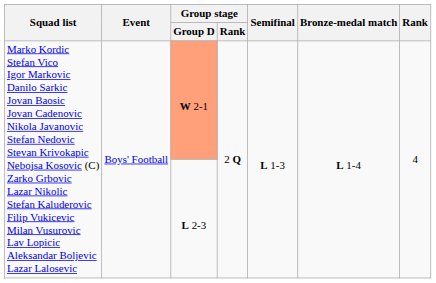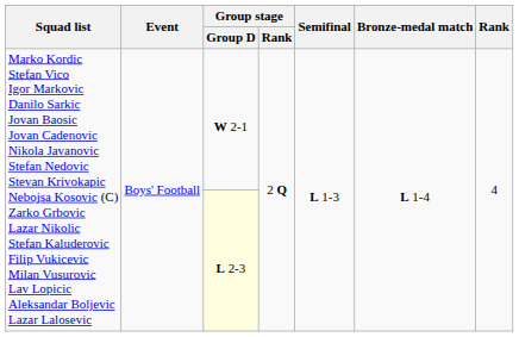 <table class=wikitable style="font-size:90%">
 <tr>
 <th rowspan=2>Squad list</th>
 <th rowspan=2>Event</th>
 <th colspan=2>Group stage</th>
 <th rowspan=2>Semifinal</th>
 <th rowspan=2>Bronze-medal match</th>
 <th rowspan=2>Rank</th>
 </tr>
 <tr>
 <th>Group D</th>
 <th>Rank</th>
 </tr>
 <tr>
 <td rowspan=2><a href='#'>Marko Kordic</a><br><a href='#'>Stefan Vico</a><br><a href='#'>Igor Markovic</a><br><a href='#'>Danilo Sarkic</a><br><a href='#'>Jovan Baosic</a><br><a href='#'>Jovan Cadenovic</a><br><a href='#'>Nikola Javanovic</a><br><a href='#'>Stefan Nedovic</a><br><a href='#'>Stevan Krivokapic</a><br><a href='#'>Nebojsa Kosovic</a> (C)<br><a href='#'>Zarko Grbovic</a><br><a href='#'>Lazar Nikolic</a><br><a href='#'>Stefan Kaluderovic</a><br><a href='#'>Filip Vukicevic</a><br><a href='#'>Milan Vusurovic</a><br><a href='#'>Lav Lopicic</a><br><a href='#'>Aleksandar Boljevic</a><br><a href='#'>Lazar Lalosevic</a></td>
 <td rowspan=2><a href='#'>Boys' Football</a></td>
-<td align=center style="background: lightsalmon;"><br> <strong>W</strong> 2-1</td>
+<td align=center><br> <strong>W</strong> 2-1</td>
 <td rowspan=2 align=center>2 <strong>Q</strong></td>
 <td rowspan=2 align=center><br> <strong>L</strong> 1-3</td>
 <td rowspan=2 align=center><br> <strong>L</strong> 1-4</td>
 <td rowspan=2 align=center>4</td>
 </tr>
 <tr>
-<td align=center><br> <strong>L</strong> 2-3</td>
+<td align=center style="background: lightyellow;"><br> <strong>L</strong> 2-3</td>
 </tr>
 </table>
